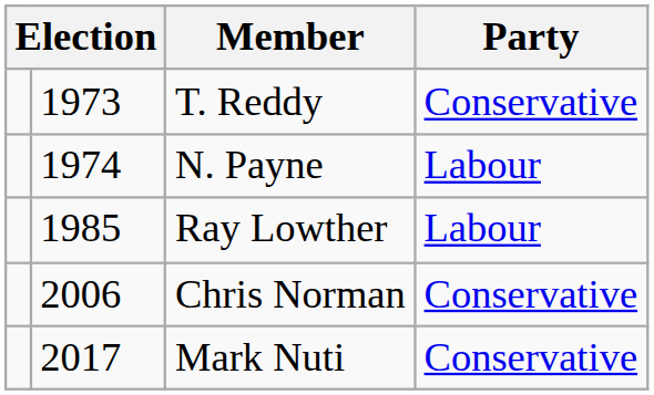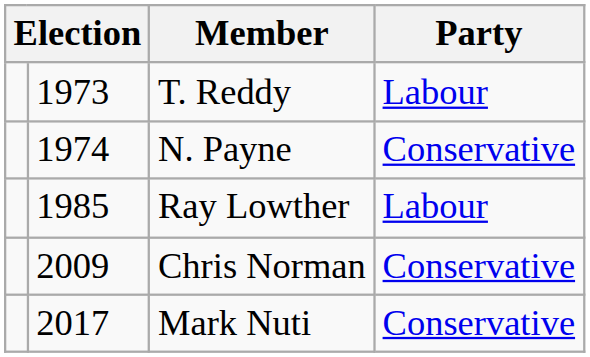 <table class="wikitable">
 <tr>
 <th colspan="2">Election</th>
 <th>Member</th>
 <th>Party</th>
 </tr>
 <tr>
 <td style="color:inherit;background-color: "></td>
 <td>1973</td>
 <td>T. Reddy</td>
-<td><a href='#'>Conservative</a></td>
+<td><a href='#'>Labour</a></td>
 </tr>
 <tr>
 <td style="color:inherit;background-color: "></td>
 <td>1974</td>
 <td>N. Payne</td>
-<td><a href='#'>Labour</a></td>
+<td><a href='#'>Conservative</a></td>
 </tr>
 <tr>
 <td style="color:inherit;background-color: "></td>
 <td>1985</td>
 <td>Ray Lowther</td>
 <td><a href='#'>Labour</a></td>
 </tr>
 <tr>
 <td style="color:inherit;background-color: "></td>
-<td>2006</td>
+<td>2009</td>
 <td>Chris Norman</td>
 <td><a href='#'>Conservative</a></td>
 </tr>
 <tr>
 <td style="color:inherit;background-color: "></td>
 <td>2017</td>
 <td>Mark Nuti</td>
 <td><a href='#'>Conservative</a></td>
 </tr>
 </table>
